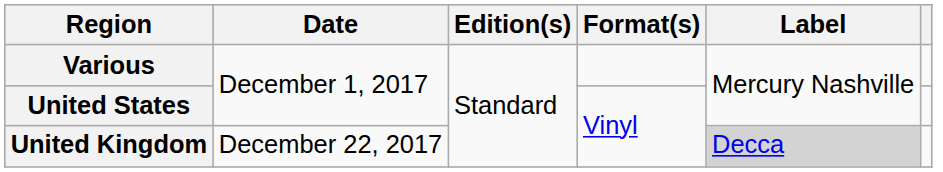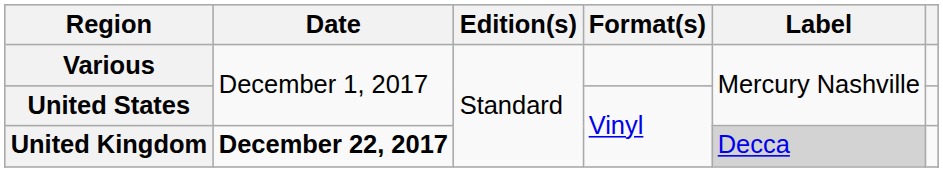 <table class="wikitable plainrowheaders">
 <tr>
 <th scope="col">Region</th>
 <th scope="col">Date</th>
 <th scope="col">Edition(s)</th>
 <th scope="col">Format(s)</th>
 <th scope="col">Label</th>
 <th scope="col"></th>
 </tr>
 <tr>
 <th scope="row">Various</th>
 <td rowspan="2">December 1, 2017</td>
 <td rowspan="3">Standard</td>
 <td></td>
 <td rowspan="2">Mercury Nashville</td>
 <td style="text-align:center;"></td>
 </tr>
 <tr>
 <th scope="row">United States</th>
 <td rowspan=2><a href='#'>Vinyl</a></td>
 <td style="text-align:center;"></td>
 </tr>
 <tr>
 <th scope="row">United Kingdom</th>
-<td>December 22, 2017</td>
+<td><strong>December 22, 2017</strong></td>
 <td style="background: lightgrey;"><a href='#'>Decca</a></td>
 <td style="text-align:center;"></td>
 </tr>
 </table>
